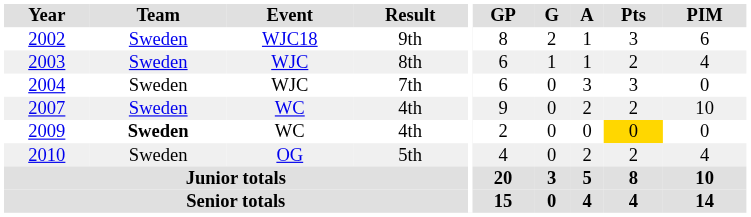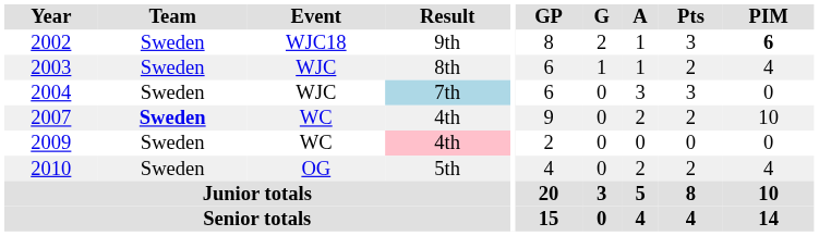 <table border="0" cellpadding="1" cellspacing="0" ID="Table3" style="text-align:center; width:40em">
 <tr ALIGN="center" bgcolor="#e0e0e0">
 <th>Year</th>
 <th>Team</th>
 <th>Event</th>
 <th>Result</th>
 <th rowspan="99" bgcolor="#ffffff"></th>
 <th>GP</th>
 <th>G</th>
 <th>A</th>
 <th>Pts</th>
 <th>PIM</th>
 </tr>
 <tr>
 <td><a href='#'>2002</a></td>
 <td><a href='#'>Sweden</a></td>
 <td><a href='#'>WJC18</a></td>
 <td>9th</td>
 <td>8</td>
 <td>2</td>
 <td>1</td>
 <td>3</td>
-<td>6</td>
+<td><strong>6</strong></td>
 </tr>
 <tr bgcolor="#f0f0f0">
 <td><a href='#'>2003</a></td>
 <td><a href='#'>Sweden</a></td>
 <td><a href='#'>WJC</a></td>
 <td>8th</td>
 <td>6</td>
 <td>1</td>
 <td>1</td>
 <td>2</td>
 <td>4</td>
 </tr>
 <tr>
 <td><a href='#'>2004</a></td>
 <td>Sweden</td>
 <td>WJC</td>
-<td>7th</td>
+<td style="background: lightblue;">7th</td>
 <td>6</td>
 <td>0</td>
 <td>3</td>
 <td>3</td>
 <td>0</td>
 </tr>
 <tr bgcolor="#f0f0f0">
 <td><a href='#'>2007</a></td>
-<td><a href='#'>Sweden</a></td>
+<td><strong><a href='#'>Sweden</a></strong></td>
 <td><a href='#'>WC</a></td>
 <td>4th</td>
 <td>9</td>
 <td>0</td>
 <td>2</td>
 <td>2</td>
 <td>10</td>
 </tr>
 <tr>
 <td><a href='#'>2009</a></td>
-<td><strong>Sweden</strong></td>
+<td>Sweden</td>
 <td>WC</td>
-<td>4th</td>
+<td style="background: pink;">4th</td>
 <td>2</td>
 <td>0</td>
 <td>0</td>
-<td style="background: gold;">0</td>
+<td>0</td>
 <td>0</td>
 </tr>
 <tr bgcolor="#f0f0f0">
 <td><a href='#'>2010</a></td>
 <td>Sweden</td>
 <td><a href='#'>OG</a></td>
 <td>5th</td>
 <td>4</td>
 <td>0</td>
 <td>2</td>
 <td>2</td>
 <td>4</td>
 </tr>
 <tr bgcolor="#e0e0e0">
 <th colspan="4">Junior totals</th>
 <th>20</th>
 <th>3</th>
 <th>5</th>
 <th>8</th>
 <th>10</th>
 </tr>
 <tr bgcolor="#e0e0e0">
 <th colspan="4">Senior totals</th>
 <th>15</th>
 <th>0</th>
 <th>4</th>
 <th>4</th>
 <th>14</th>
 </tr>
 </table>
